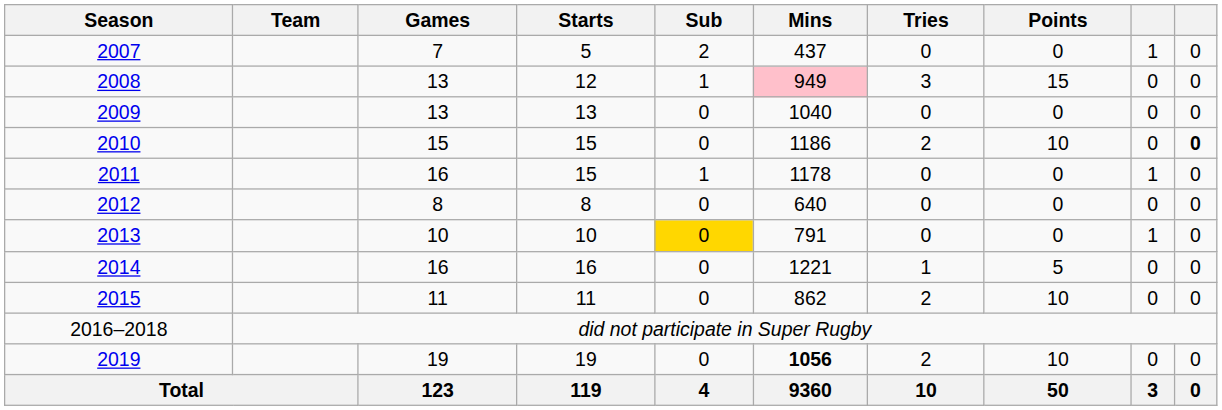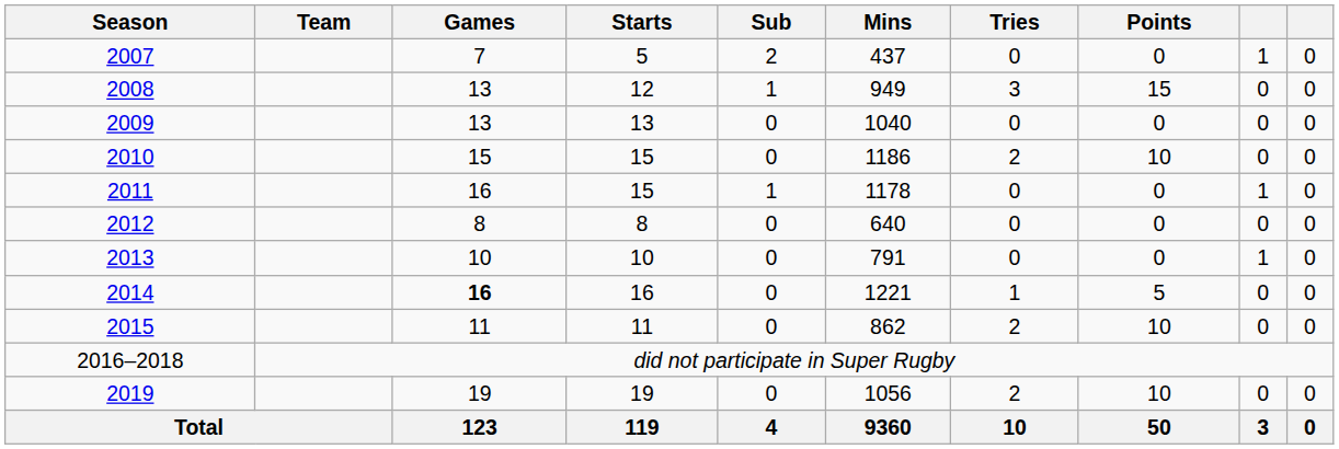 <table class="wikitable" style="text-align:center; font-size:95%; width:75%;">
 <tr>
 <th>Season</th>
 <th>Team</th>
 <th>Games</th>
 <th>Starts</th>
 <th>Sub</th>
 <th>Mins</th>
 <th>Tries</th>
 <th>Points</th>
 <th></th>
 <th></th>
 </tr>
 <tr>
 <td><a href='#'>2007</a></td>
 <td></td>
 <td>7</td>
 <td>5</td>
 <td>2</td>
 <td>437</td>
 <td>0</td>
 <td>0</td>
 <td>1</td>
 <td>0</td>
 </tr>
 <tr>
 <td><a href='#'>2008</a></td>
 <td></td>
 <td>13</td>
 <td>12</td>
 <td>1</td>
-<td style="background: pink;">949</td>
+<td>949</td>
 <td>3</td>
 <td>15</td>
 <td>0</td>
 <td>0</td>
 </tr>
 <tr>
 <td><a href='#'>2009</a></td>
 <td></td>
 <td>13</td>
 <td>13</td>
 <td>0</td>
 <td>1040</td>
 <td>0</td>
 <td>0</td>
 <td>0</td>
 <td>0</td>
 </tr>
 <tr>
 <td><a href='#'>2010</a></td>
 <td></td>
 <td>15</td>
 <td>15</td>
 <td>0</td>
 <td>1186</td>
 <td>2</td>
 <td>10</td>
 <td>0</td>
-<td><strong>0</strong></td>
+<td>0</td>
 </tr>
 <tr>
 <td><a href='#'>2011</a></td>
 <td></td>
 <td>16</td>
 <td>15</td>
 <td>1</td>
 <td>1178</td>
 <td>0</td>
 <td>0</td>
 <td>1</td>
 <td>0</td>
 </tr>
 <tr>
 <td><a href='#'>2012</a></td>
 <td></td>
 <td>8</td>
 <td>8</td>
 <td>0</td>
 <td>640</td>
 <td>0</td>
 <td>0</td>
 <td>0</td>
 <td>0</td>
 </tr>
 <tr>
 <td><a href='#'>2013</a></td>
 <td></td>
 <td>10</td>
 <td>10</td>
-<td style="background: gold;">0</td>
+<td>0</td>
 <td>791</td>
 <td>0</td>
 <td>0</td>
 <td>1</td>
 <td>0</td>
 </tr>
 <tr>
 <td><a href='#'>2014</a></td>
 <td></td>
-<td>16</td>
+<td><strong>16</strong></td>
 <td>16</td>
 <td>0</td>
 <td>1221</td>
 <td>1</td>
 <td>5</td>
 <td>0</td>
 <td>0</td>
 </tr>
 <tr>
 <td><a href='#'>2015</a></td>
 <td></td>
 <td>11</td>
 <td>11</td>
 <td>0</td>
 <td>862</td>
 <td>2</td>
 <td>10</td>
 <td>0</td>
 <td>0</td>
 </tr>
 <tr>
 <td>2016–2018</td>
 <td colspan="9"><em>did not participate in Super Rugby</em></td>
 </tr>
 <tr>
 <td><a href='#'>2019</a></td>
 <td></td>
 <td>19</td>
 <td>19</td>
 <td>0</td>
-<td><strong>1056</strong></td>
+<td>1056</td>
 <td>2</td>
 <td>10</td>
 <td>0</td>
 <td>0</td>
 </tr>
 <tr>
 <th colspan="2">Total</th>
 <th>123</th>
 <th>119</th>
 <th>4</th>
 <th>9360</th>
 <th>10</th>
 <th>50</th>
 <th>3</th>
 <th>0</th>
 </tr>
 </table>
